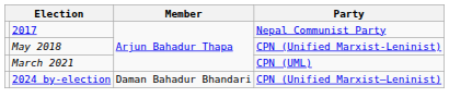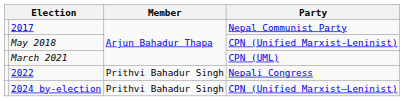 <table class="wikitable">
 <tr>
 <th colspan="2">Election</th>
 <th>Member</th>
 <th>Party</th>
 </tr>
 <tr>
 <td style="color:inherit;background:"></td>
 <td><a href='#'>2017</a></td>
 <td rowspan="3"><a href='#'>Arjun Bahadur Thapa</a></td>
 <td><a href='#'>Nepal Communist Party</a></td>
 </tr>
 <tr>
 <td style="color:inherit;background:"></td>
 <td><em>May 2018</em></td>
 <td><a href='#'>CPN (Unified Marxist-Leninist)</a></td>
 </tr>
 <tr>
 <td style="color:inherit;background:"></td>
 <td><em>March 2021</em></td>
 <td><a href='#'>CPN (UML)</a></td>
 </tr>
 <tr>
+<td style="color:inherit;background:"></td>
+<td><a href='#'>2022</a></td>
+<td>Prithvi Bahadur Singh</td>
+<td><a href='#'>Nepali Congress</a></td>
+</tr>
+<tr>
 <td style="color:inherit;background-color:"></td>
 <td><a href='#'>2024 by-election</a></td>
-<td>Daman Bahadur Bhandari</td>
+<td>Prithvi Bahadur Singh</td>
 <td><a href='#'>CPN (Unified Marxist–Leninist)</a></td>
 </tr>
 </table>
